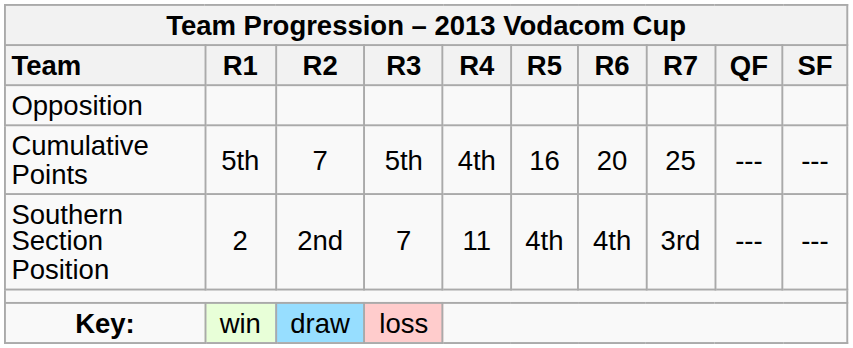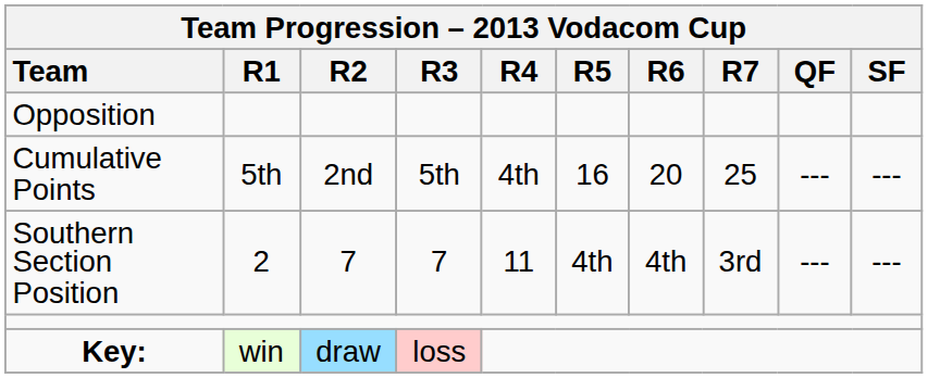 <table class="wikitable collapsible" style="text-align:center; line-height:100%; width:50%; font-size:90%">
 <tr>
 <th colspan=100%>Team Progression – 2013 Vodacom Cup</th>
 </tr>
 <tr>
 <th style="text-align:left; width:12%;">Team</th>
 <th style="width:4%;">R1</th>
 <th style="width:4%;">R2</th>
 <th style="width:4%;">R3</th>
 <th style="width:4%;">R4</th>
 <th style="width:4%;">R5</th>
 <th style="width:4%;">R6</th>
 <th style="width:4%;">R7</th>
 <th style="width:4%;">QF</th>
 <th style="width:4%;">SF</th>
 </tr>
 <tr>
 <td align=left>Opposition</td>
 <td></td>
 <td></td>
 <td></td>
 <td></td>
 <td></td>
 <td></td>
 <td></td>
 <td></td>
 <td></td>
 </tr>
 <tr>
 <td align=left>Cumulative Points</td>
 <td>5th</td>
-<td>7</td>
+<td>2nd</td>
 <td>5th</td>
 <td>4th</td>
 <td>16</td>
 <td>20</td>
 <td>25</td>
 <td>---</td>
 <td>---</td>
 </tr>
 <tr>
 <td align=left>Southern Section Position</td>
 <td>2</td>
-<td>2nd</td>
+<td>7</td>
 <td>7</td>
 <td>11</td>
 <td>4th</td>
 <td>4th</td>
 <td>3rd</td>
 <td>---</td>
 <td>---</td>
 </tr>
 <tr>
 <td colspan="100%" style="text-align:center;"></td>
 </tr>
 <tr>
 <td><strong>Key:</strong></td>
 <td style="background:#E8FFD8;">win</td>
 <td style="background:#97DEFF;">draw</td>
 <td style="background:#FFCCCC;">loss</td>
 <td colspan="100%"></td>
 </tr>
 </table>
